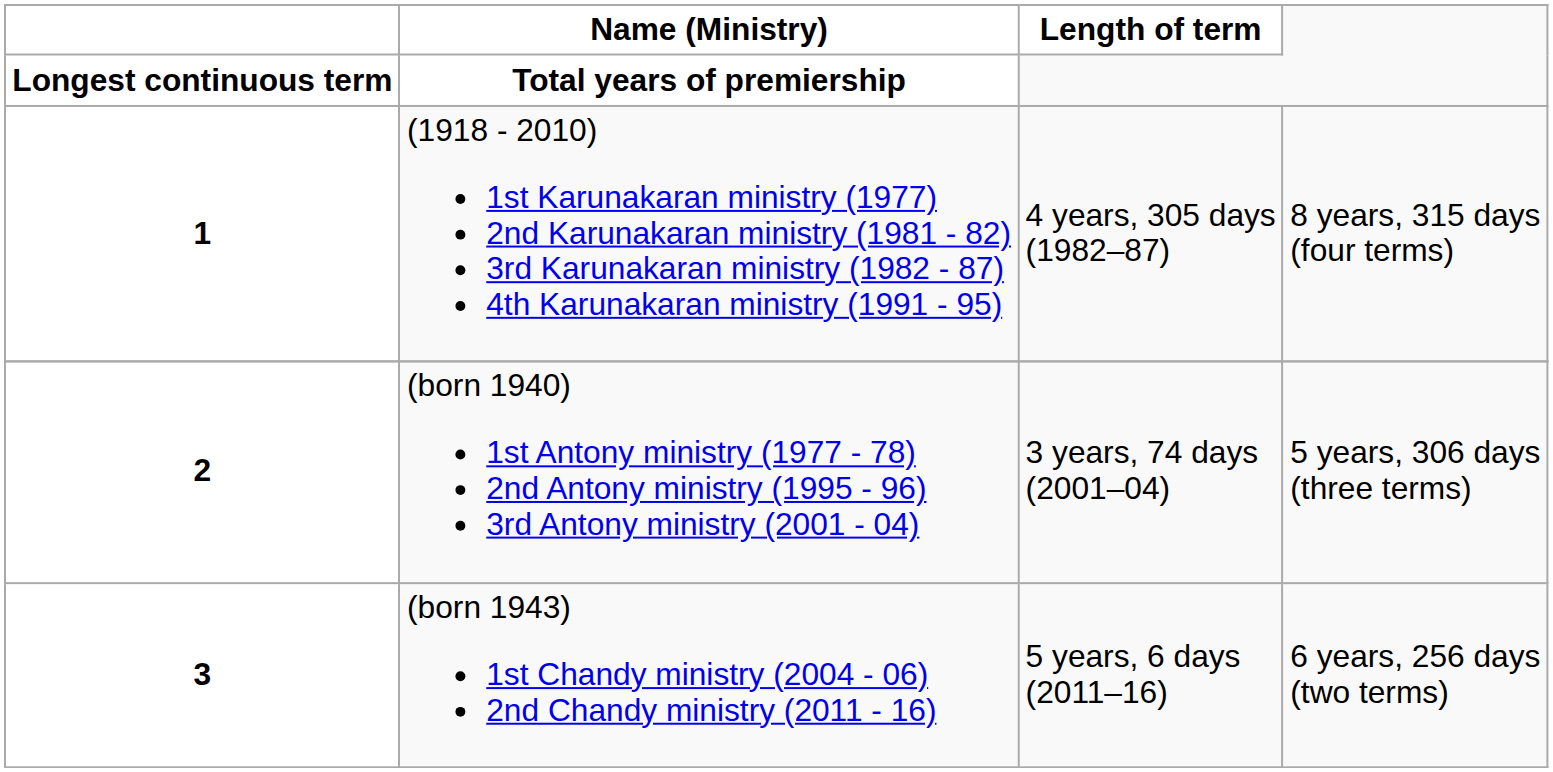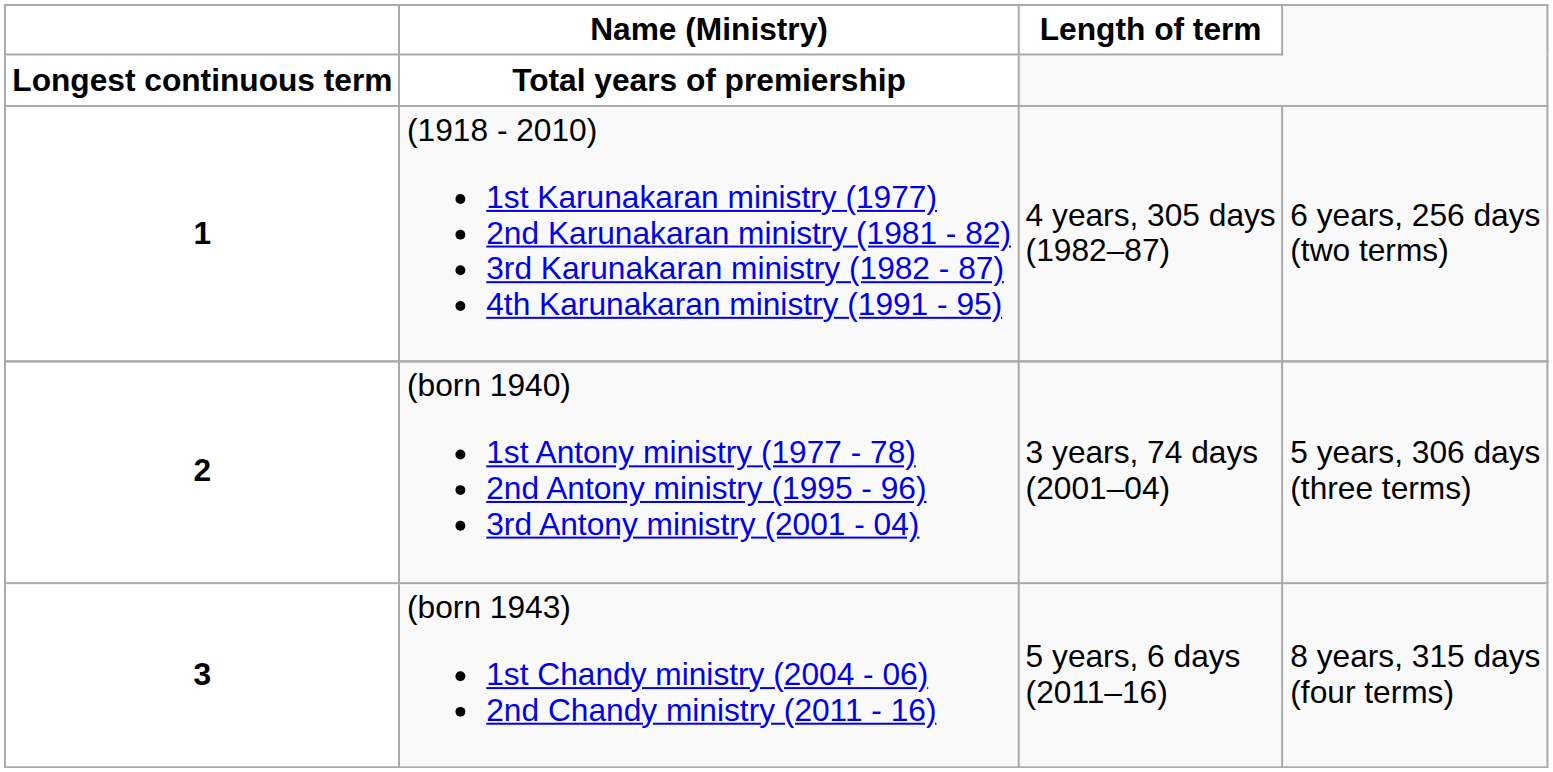 <table class="wikitable sortable" style="font-size: x-big;">
 <tr>
 <th data-sort-type="number" style="background-color:white; color:"></th>
 <th style="background-color:white; color:">Name (Ministry)</th>
 <th style="background-color:white; color:">Length of term</th>
 </tr>
 <tr>
 <th style="background-color:white; color:">Longest continuous term</th>
 <th style="background-color:white; color:">Total years of premiership</th>
 </tr>
 <tr>
 <th data-sort-value="1" style="background-color:white; color:">1</th>
 <td> (1918 - 2010)<br><ul><li><a href='#'>1st Karunakaran ministry (1977)</a></li><li><a href='#'>2nd Karunakaran ministry (1981 - 82)</a></li><li><a href='#'>3rd Karunakaran ministry (1982 - 87)</a></li><li><a href='#'>4th Karunakaran ministry (1991 - 95)</a></li></ul></td>
 <td>4 years, 305 days<br>(1982–87)</td>
-<td>8 years, 315 days<br>(four terms)</td>
+<td>6 years, 256 days<br>(two terms)</td>
 </tr>
 <tr>
 </tr>
 <tr>
 <th data-sort-value="2" style="background-color:white; color:">2</th>
 <td> (born 1940)<br><ul><li><a href='#'>1st Antony ministry (1977 - 78)</a></li><li><a href='#'>2nd Antony ministry (1995 - 96)</a></li><li><a href='#'>3rd Antony ministry (2001 - 04)</a></li></ul></td>
 <td>3 years, 74 days<br>(2001–04)</td>
 <td>5 years, 306 days<br>(three terms)</td>
 </tr>
 <tr>
 <th data-sort-value="3" style="background-color:white; color:">3</th>
 <td> (born 1943)<br><ul><li><a href='#'>1st Chandy ministry (2004 - 06)</a></li><li><a href='#'>2nd Chandy ministry (2011 - 16)</a></li></ul></td>
 <td>5 years, 6 days<br>(2011–16)</td>
-<td>6 years, 256 days<br>(two terms)</td>
+<td>8 years, 315 days<br>(four terms)</td>
 </tr>
 </table>
